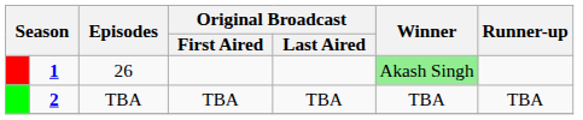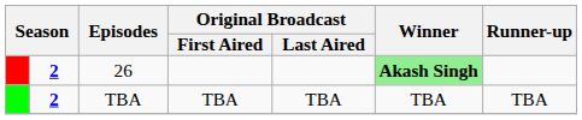 <table class="wikitable" style="text-align:center">
 <tr>
 <th style="padding: 0 8px" colspan="2" rowspan="2">Season</th>
 <th style="padding: 0 8px" rowspan="2">Episodes</th>
 <th colspan="2">Original Broadcast</th>
 <th rowspan="2">Winner</th>
 <th rowspan="2">Runner-up</th>
 </tr>
 <tr>
 <th style="padding: 0 8px">First Aired</th>
 <th style="padding: 0 8px">Last Aired</th>
 </tr>
 <tr>
 <td style="background:#FF0000"></td>
-<td align="center"><strong><a href='#'>1</a></strong></td>
+<td align="center"><strong><a href='#'>2</a></strong></td>
 <td align="center">26</td>
 <td align="center"></td>
 <td></td>
-<td style="background:lightgreen;">Akash Singh</td>
+<td style="background:lightgreen;"><strong>Akash Singh</strong></td>
 <td></td>
 </tr>
 <tr>
 <td style="background:#00FF00"></td>
 <td><strong><a href='#'>2</a></strong></td>
 <td>TBA</td>
 <td>TBA</td>
 <td>TBA</td>
 <td>TBA</td>
 <td>TBA</td>
 </tr>
 <tr>
 </tr>
 </table>
